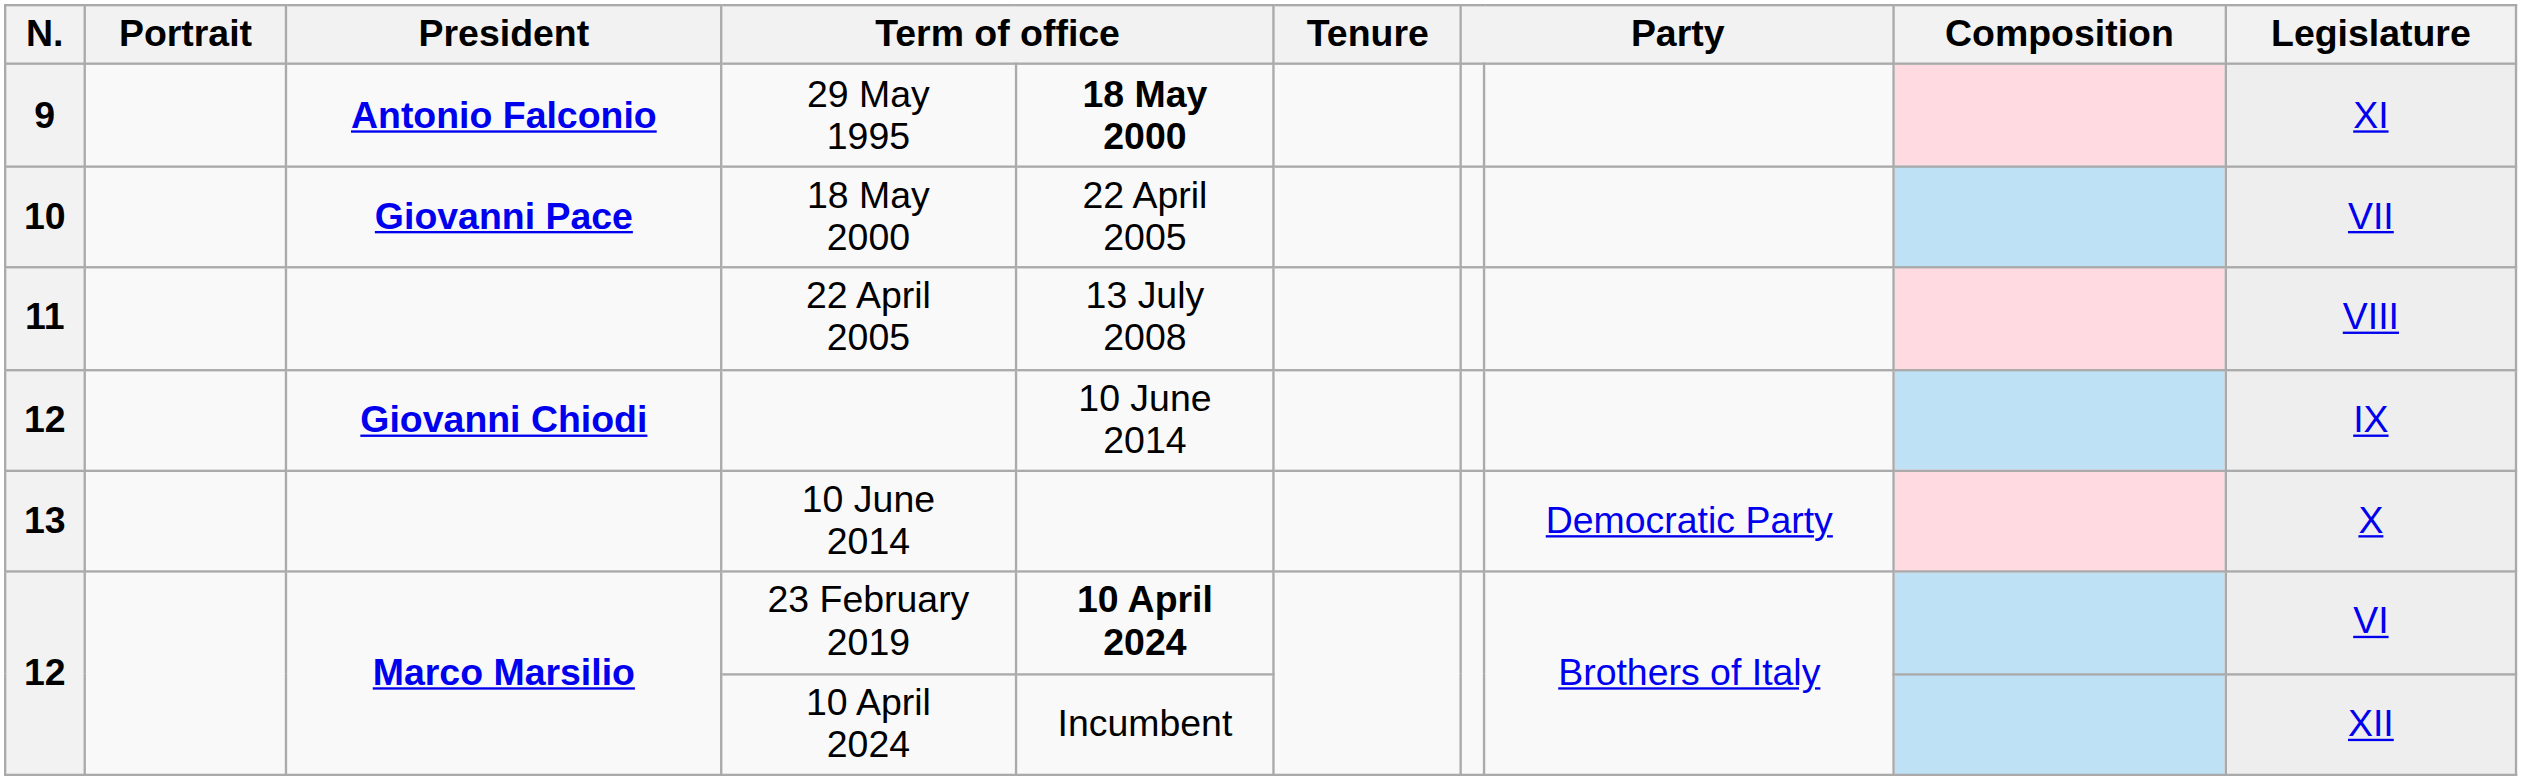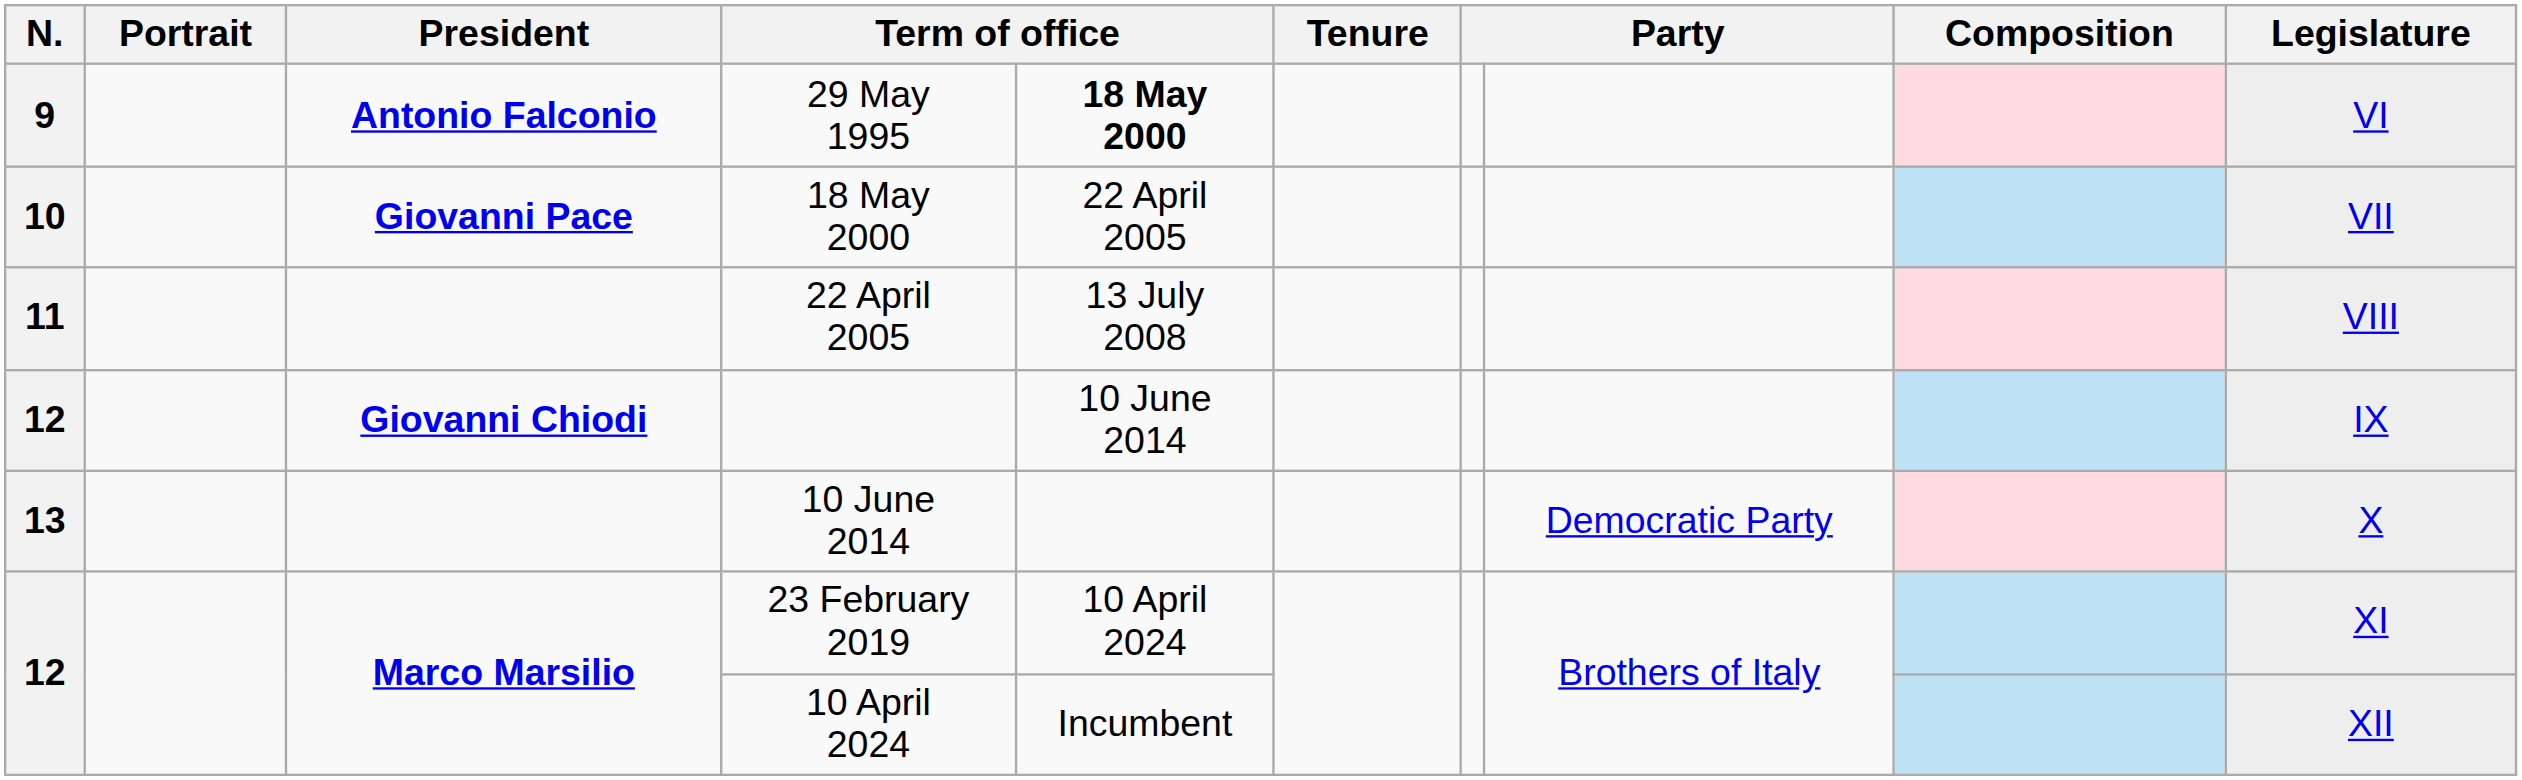 <table class=wikitable style=text-align:center width=85%>
 <tr>
 <th>N.</th>
 <th>Portrait</th>
 <th>President</th>
 <th colspan=2>Term of office</th>
 <th>Tenure<br></th>
 <th colspan=2>Party</th>
 <th>Composition</th>
 <th>Legislature</th>
 </tr>
 <tr>
 <th>9</th>
 <td></td>
 <td><strong><a href='#'>Antonio Falconio</a></strong><br></td>
 <td>29 May<br>1995</td>
 <td><strong>18 May<br>2000</strong></td>
 <td></td>
 <td></td>
 <td></td>
 <td bgcolor=#FFDAE1></td>
-<td bgcolor=#EEEEEE><a href='#'>XI<br></a></td>
+<td bgcolor=#EEEEEE><a href='#'>VI<br></a></td>
 </tr>
 <tr>
 <th>10</th>
 <td></td>
 <td><strong><a href='#'>Giovanni Pace</a></strong><br></td>
 <td>18 May<br>2000</td>
 <td>22 April<br>2005</td>
 <td></td>
 <td></td>
 <td></td>
 <td bgcolor=#BEE1F5></td>
 <td bgcolor=#EEEEEE><a href='#'>VII<br></a></td>
 </tr>
 <tr>
 <th>11</th>
 <td></td>
 <td></td>
 <td>22 April<br>2005</td>
 <td>13 July<br>2008</td>
 <td></td>
 <td></td>
 <td></td>
 <td bgcolor=#FFDAE1></td>
 <td bgcolor=#EEEEEE><a href='#'>VIII<br></a></td>
 </tr>
 <tr>
 <th>12</th>
 <td></td>
 <td><strong><a href='#'>Giovanni Chiodi</a></strong><br></td>
 <td></td>
 <td>10 June<br>2014</td>
 <td></td>
 <td></td>
 <td></td>
 <td bgcolor=#BEE1F5></td>
 <td bgcolor=#EEEEEE><a href='#'>IX<br></a></td>
 </tr>
 <tr>
 <th>13</th>
 <td></td>
 <td></td>
 <td>10 June<br>2014</td>
 <td></td>
 <td></td>
 <td></td>
 <td><a href='#'>Democratic Party</a></td>
 <td bgcolor=#FFDAE1></td>
 <td bgcolor=#EEEEEE><a href='#'>X<br></a></td>
 </tr>
 <tr>
 <th rowspan=2>12</th>
 <td rowspan=2></td>
 <td rowspan=2><strong><a href='#'>Marco Marsilio</a></strong><br></td>
 <td>23 February<br>2019</td>
-<td><strong>10 April<br>2024</strong></td>
+<td>10 April<br>2024</td>
 <td rowspan=2></td>
 <td rowspan=2></td>
 <td rowspan=2><a href='#'>Brothers of Italy</a></td>
 <td bgcolor=#BEE1F5></td>
-<td bgcolor=#EEEEEE><a href='#'>VI<br></a></td>
+<td bgcolor=#EEEEEE><a href='#'>XI<br></a></td>
 </tr>
 <tr>
 <td>10 April<br>2024</td>
 <td>Incumbent</td>
 <td bgcolor=#BEE1F5></td>
 <td bgcolor=#EEEEEE><a href='#'>XII<br></a></td>
 </tr>
 <tr>
 </tr>
 </table>
